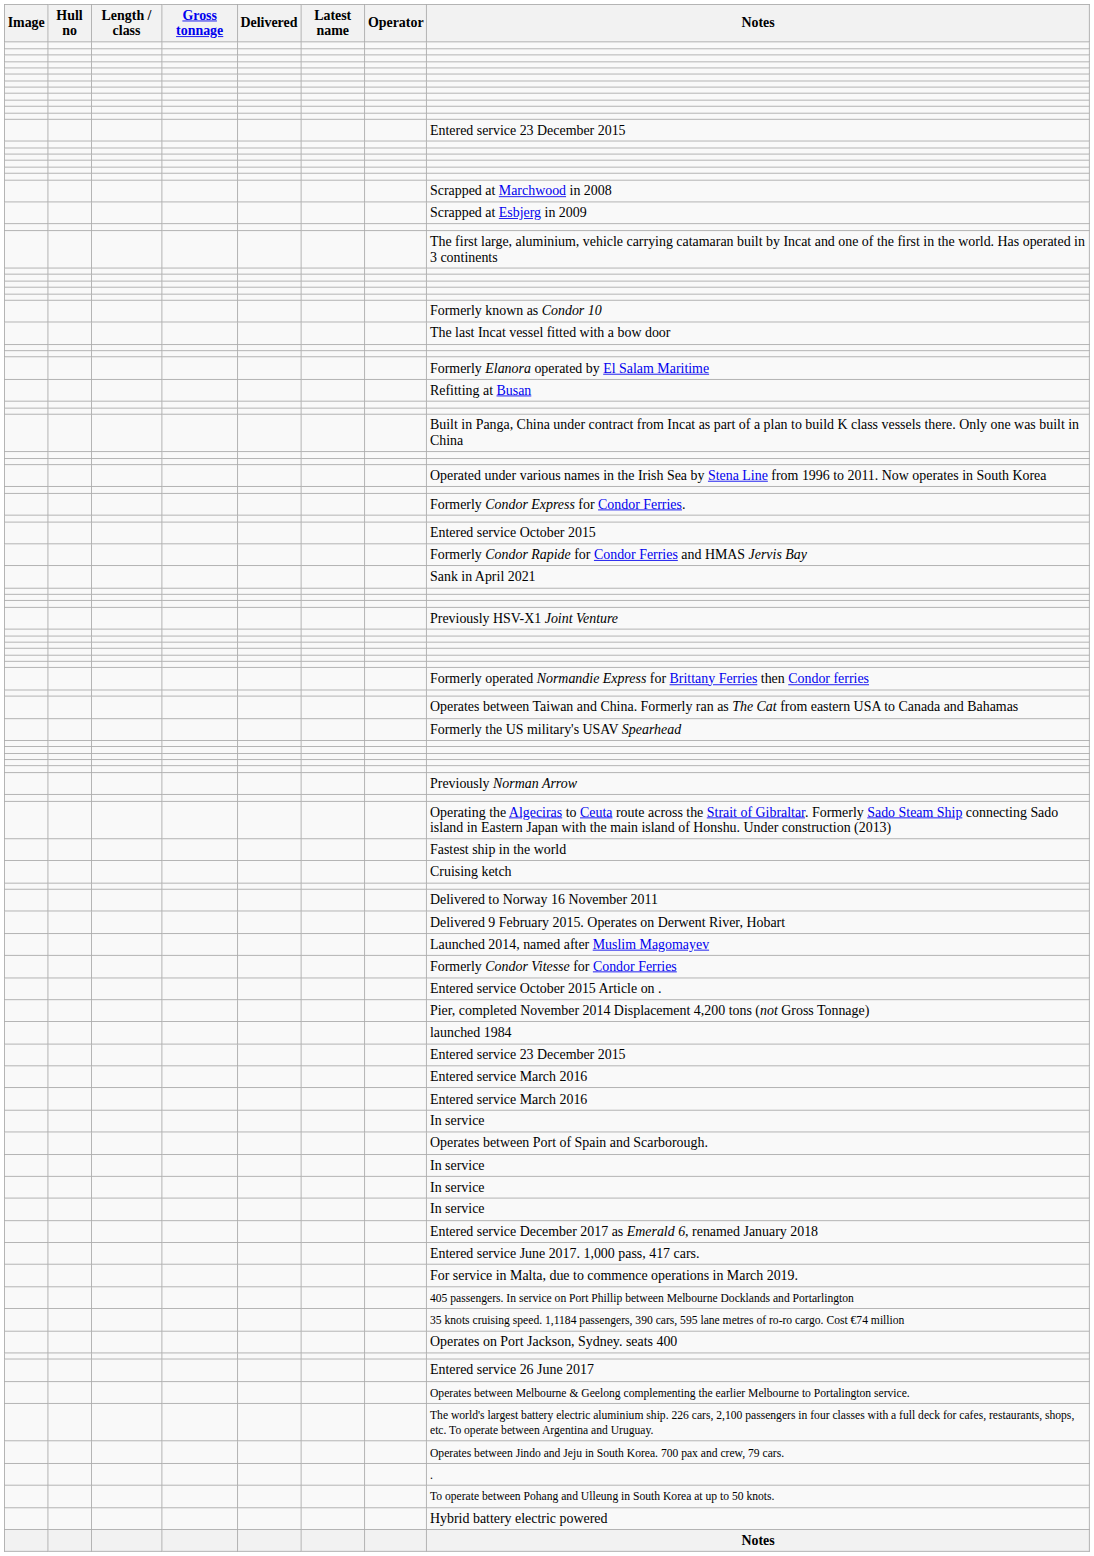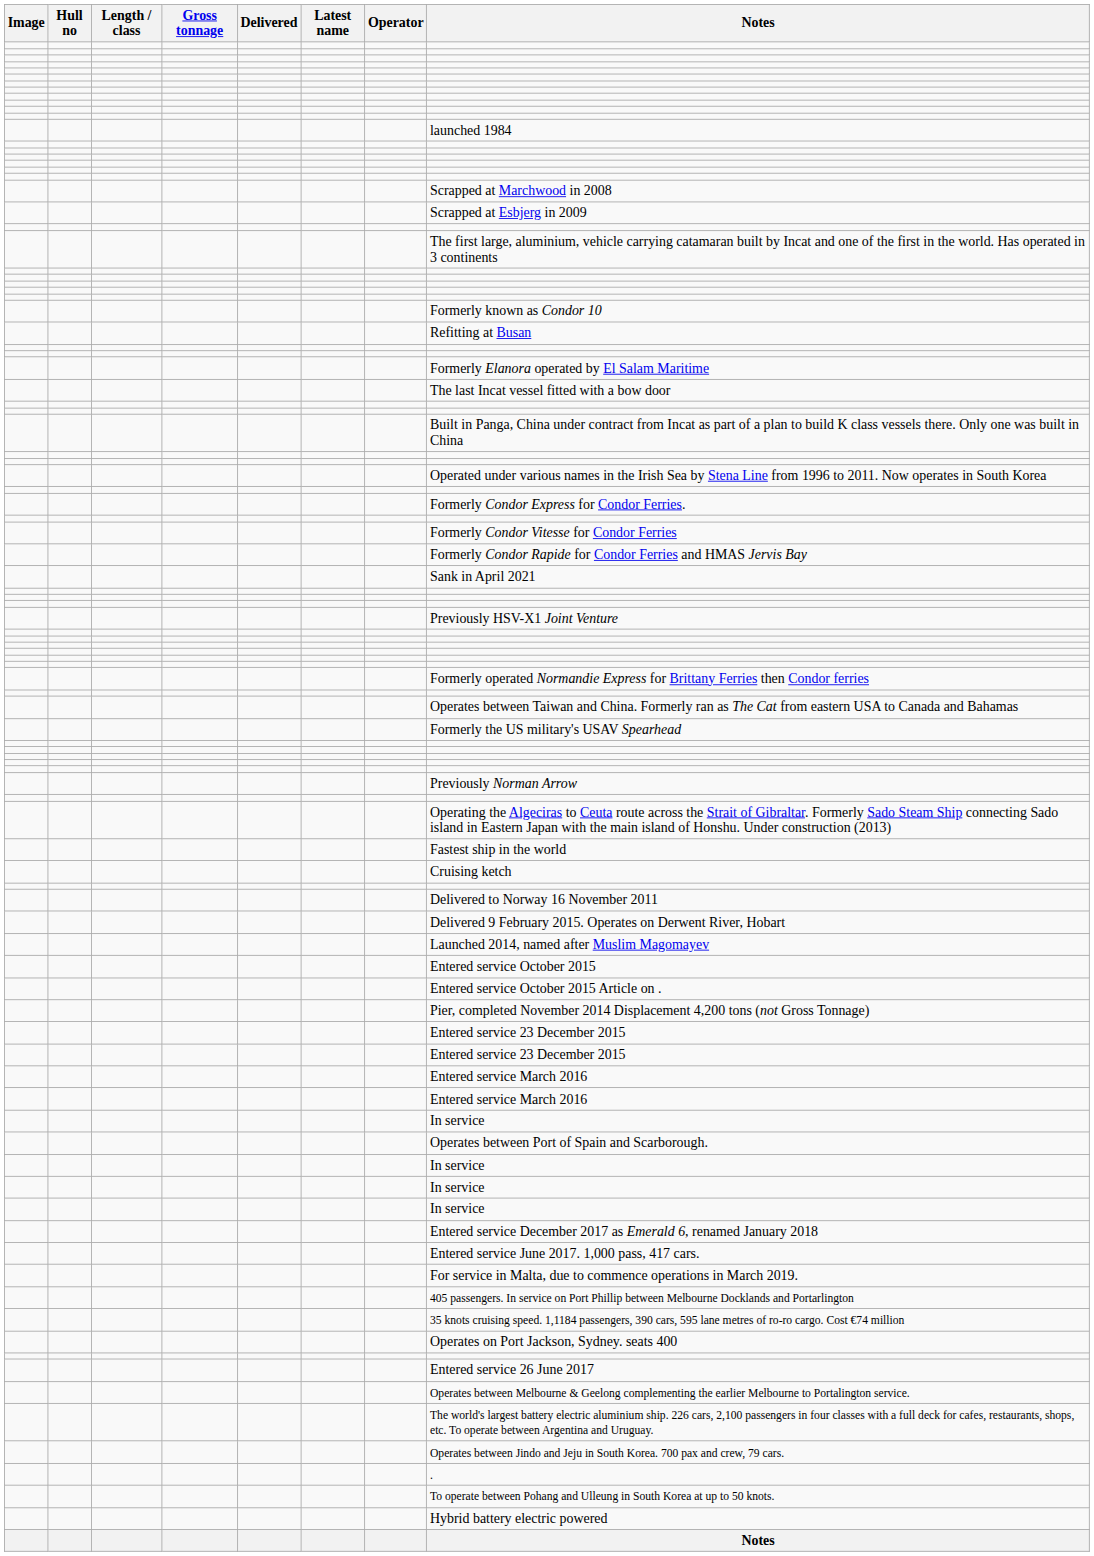 <table class="wikitable sortable">
 <tr>
 <th>Image</th>
 <th>Hull no</th>
 <th>Length / class</th>
 <th><a href='#'>Gross tonnage</a></th>
 <th>Delivered</th>
 <th>Latest name</th>
 <th>Operator</th>
 <th>Notes</th>
 </tr>
 <tr>
 <td></td>
 <td></td>
 <td></td>
 <td></td>
 <td></td>
 <td></td>
 <td></td>
 <td></td>
 </tr>
 <tr>
 <td></td>
 <td></td>
 <td></td>
 <td></td>
 <td></td>
 <td></td>
 <td></td>
 <td></td>
 </tr>
 <tr>
 <td></td>
 <td></td>
 <td></td>
 <td></td>
 <td></td>
 <td></td>
 <td></td>
 <td></td>
 </tr>
 <tr>
 <td></td>
 <td></td>
 <td></td>
 <td></td>
 <td></td>
 <td></td>
 <td></td>
 <td></td>
 </tr>
 <tr>
 <td></td>
 <td></td>
 <td></td>
 <td></td>
 <td></td>
 <td></td>
 <td></td>
 <td></td>
 </tr>
 <tr>
 <td></td>
 <td></td>
 <td></td>
 <td></td>
 <td></td>
 <td></td>
 <td></td>
 <td></td>
 </tr>
 <tr>
 <td></td>
 <td></td>
 <td></td>
 <td></td>
 <td></td>
 <td></td>
 <td></td>
 <td></td>
 </tr>
 <tr>
 <td></td>
 <td></td>
 <td></td>
 <td></td>
 <td></td>
 <td></td>
 <td></td>
 <td></td>
 </tr>
 <tr>
 <td></td>
 <td></td>
 <td></td>
 <td></td>
 <td></td>
 <td></td>
 <td></td>
 <td></td>
 </tr>
 <tr>
 <td></td>
 <td></td>
 <td></td>
 <td></td>
 <td></td>
 <td></td>
 <td></td>
 <td></td>
 </tr>
 <tr>
 <td></td>
 <td></td>
 <td></td>
 <td></td>
 <td></td>
 <td></td>
 <td></td>
 <td></td>
 </tr>
 <tr>
 <td></td>
 <td></td>
 <td></td>
 <td></td>
 <td></td>
 <td></td>
 <td></td>
 <td></td>
 </tr>
 <tr>
 <td></td>
 <td></td>
 <td></td>
 <td></td>
 <td></td>
 <td></td>
 <td></td>
-<td>Entered service 23 December 2015</td>
+<td> launched 1984</td>
 </tr>
 <tr>
 <td></td>
 <td></td>
 <td></td>
 <td></td>
 <td></td>
 <td></td>
 <td></td>
 <td></td>
 </tr>
 <tr>
 <td></td>
 <td></td>
 <td></td>
 <td></td>
 <td></td>
 <td></td>
 <td></td>
 <td></td>
 </tr>
 <tr>
 <td></td>
 <td></td>
 <td></td>
 <td></td>
 <td></td>
 <td></td>
 <td></td>
 <td></td>
 </tr>
 <tr>
 <td></td>
 <td></td>
 <td></td>
 <td></td>
 <td></td>
 <td></td>
 <td></td>
 <td></td>
 </tr>
 <tr>
 <td></td>
 <td></td>
 <td></td>
 <td></td>
 <td></td>
 <td></td>
 <td></td>
 <td></td>
 </tr>
 <tr>
 <td></td>
 <td></td>
 <td></td>
 <td></td>
 <td></td>
 <td></td>
 <td></td>
 <td></td>
 </tr>
 <tr>
 <td></td>
 <td></td>
 <td></td>
 <td></td>
 <td></td>
 <td></td>
 <td></td>
 <td>Scrapped at <a href='#'>Marchwood</a> in 2008</td>
 </tr>
 <tr>
 <td></td>
 <td></td>
 <td></td>
 <td></td>
 <td></td>
 <td></td>
 <td></td>
 <td>Scrapped at <a href='#'>Esbjerg</a> in 2009</td>
 </tr>
 <tr>
 <td></td>
 <td></td>
 <td></td>
 <td></td>
 <td></td>
 <td></td>
 <td></td>
 <td></td>
 </tr>
 <tr>
 <td></td>
 <td></td>
 <td></td>
 <td></td>
 <td></td>
 <td></td>
 <td></td>
 <td>The first large, aluminium, vehicle carrying catamaran built by Incat and one of the first in the world. Has operated in 3 continents</td>
 </tr>
 <tr>
 <td></td>
 <td></td>
 <td></td>
 <td></td>
 <td></td>
 <td></td>
 <td></td>
 <td></td>
 </tr>
 <tr>
 <td></td>
 <td></td>
 <td></td>
 <td></td>
 <td></td>
 <td></td>
 <td></td>
 <td></td>
 </tr>
 <tr>
 <td></td>
 <td></td>
 <td></td>
 <td></td>
 <td></td>
 <td></td>
 <td></td>
 <td></td>
 </tr>
 <tr>
 <td></td>
 <td></td>
 <td></td>
 <td></td>
 <td></td>
 <td></td>
 <td></td>
 </tr>
 <tr>
 <td></td>
 <td></td>
 <td></td>
 <td></td>
 <td></td>
 <td></td>
 <td></td>
 <td></td>
 </tr>
 <tr>
 <td></td>
 <td></td>
 <td></td>
 <td></td>
 <td></td>
 <td></td>
 <td></td>
 <td>Formerly known as <em>Condor 10</em></td>
 </tr>
 <tr>
 <td></td>
 <td></td>
 <td></td>
 <td></td>
 <td></td>
 <td></td>
 <td></td>
-<td>The last Incat vessel fitted with a bow door</td>
+<td>Refitting at <a href='#'>Busan</a></td>
 </tr>
 <tr>
 <td></td>
 <td></td>
 <td></td>
 <td></td>
 <td></td>
 <td></td>
 <td></td>
 <td></td>
 </tr>
 <tr>
 <td></td>
 <td></td>
 <td></td>
 <td></td>
 <td></td>
 <td></td>
 <td></td>
 <td></td>
 </tr>
 <tr>
 <td></td>
 <td></td>
 <td></td>
 <td></td>
 <td></td>
 <td></td>
 <td></td>
 <td>Formerly <em>Elanora</em> operated by <a href='#'>El Salam Maritime</a></td>
 </tr>
 <tr>
 <td></td>
 <td></td>
 <td></td>
 <td></td>
 <td></td>
 <td></td>
 <td></td>
-<td>Refitting at <a href='#'>Busan</a></td>
+<td>The last Incat vessel fitted with a bow door</td>
 </tr>
 <tr>
 <td></td>
 <td></td>
 <td></td>
 <td></td>
 <td></td>
 <td></td>
 <td></td>
 <td></td>
 </tr>
 <tr>
 <td></td>
 <td></td>
 <td></td>
 <td></td>
 <td></td>
 <td></td>
 <td></td>
 <td></td>
 </tr>
 <tr>
 <td></td>
 <td></td>
 <td></td>
 <td></td>
 <td></td>
 <td></td>
 <td></td>
 <td>Built in Panga, China under contract from Incat as part of a plan to build K class vessels there. Only one was built in China</td>
 </tr>
 <tr>
 <td></td>
 <td></td>
 <td></td>
 <td></td>
 <td></td>
 <td></td>
 <td></td>
 <td></td>
 </tr>
 <tr>
 <td></td>
 <td></td>
 <td></td>
 <td></td>
 <td></td>
 <td></td>
 <td></td>
 <td></td>
 </tr>
 <tr>
 <td></td>
 <td></td>
 <td></td>
 <td></td>
 <td></td>
 <td></td>
 <td></td>
 <td>Operated under various names in the Irish Sea by <a href='#'>Stena Line</a> from 1996 to 2011. Now operates in South Korea</td>
 </tr>
 <tr>
 <td></td>
 <td></td>
 <td></td>
 <td></td>
 <td></td>
 <td></td>
 <td></td>
 <td></td>
 </tr>
 <tr>
 <td></td>
 <td></td>
 <td></td>
 <td></td>
 <td></td>
 <td></td>
 <td></td>
 <td>Formerly <em>Condor Express</em> for <a href='#'>Condor Ferries</a>.</td>
 </tr>
 <tr>
 <td></td>
 <td></td>
 <td></td>
 <td></td>
 <td></td>
 <td></td>
 <td></td>
 <td></td>
 </tr>
 <tr>
 <td></td>
 <td></td>
 <td></td>
 <td></td>
 <td></td>
 <td></td>
 <td></td>
-<td>Entered service October 2015</td>
+<td>Formerly <em>Condor Vitesse</em> for <a href='#'>Condor Ferries</a></td>
 </tr>
 <tr>
 <td></td>
 <td></td>
 <td></td>
 <td></td>
 <td></td>
 <td></td>
 <td></td>
 <td>Formerly <em>Condor Rapide</em> for <a href='#'>Condor Ferries</a> and HMAS <em>Jervis Bay</em></td>
 </tr>
 <tr>
 <td></td>
 <td></td>
 <td></td>
 <td></td>
 <td></td>
 <td></td>
 <td></td>
 <td>Sank in April 2021</td>
 </tr>
 <tr>
 <td></td>
 <td></td>
 <td></td>
 <td></td>
 <td></td>
 <td></td>
 <td></td>
 <td></td>
 </tr>
 <tr>
 <td></td>
 <td></td>
 <td></td>
 <td></td>
 <td></td>
 <td></td>
 <td></td>
 <td></td>
 </tr>
 <tr>
 <td></td>
 <td></td>
 <td></td>
 <td></td>
 <td></td>
 <td></td>
 <td></td>
 <td></td>
 </tr>
 <tr>
 <td></td>
 <td></td>
 <td></td>
 <td></td>
 <td></td>
 <td></td>
 <td></td>
 <td>Previously HSV-X1 <em>Joint Venture</em></td>
 </tr>
 <tr>
 <td></td>
 <td></td>
 <td></td>
 <td></td>
 <td></td>
 <td></td>
 <td></td>
 <td></td>
 </tr>
 <tr>
 <td></td>
 <td></td>
 <td></td>
 <td></td>
 <td></td>
 <td></td>
 <td></td>
 <td></td>
 </tr>
 <tr>
 <td></td>
 <td></td>
 <td></td>
 <td></td>
 <td></td>
 <td></td>
 <td></td>
 <td></td>
 </tr>
 <tr>
 <td></td>
 <td></td>
 <td></td>
 <td></td>
 <td></td>
 <td></td>
 <td></td>
 <td></td>
 </tr>
 <tr>
 <td></td>
 <td></td>
 <td></td>
 <td></td>
 <td></td>
 <td></td>
 <td></td>
 <td></td>
 </tr>
 <tr>
 <td></td>
 <td></td>
 <td></td>
 <td></td>
 <td></td>
 <td></td>
 <td></td>
 <td></td>
 </tr>
 <tr>
 <td></td>
 <td></td>
 <td></td>
 <td></td>
 <td></td>
 <td></td>
 <td></td>
 <td>Formerly operated <em>Normandie Express</em> for <a href='#'>Brittany Ferries</a> then <a href='#'>Condor ferries</a></td>
 </tr>
 <tr>
 <td></td>
 <td></td>
 <td></td>
 <td></td>
 <td></td>
 <td></td>
 <td></td>
 <td></td>
 </tr>
 <tr>
 <td></td>
 <td></td>
 <td></td>
 <td></td>
 <td></td>
 <td></td>
 <td></td>
 <td>Operates between Taiwan and China. Formerly ran as <em>The Cat</em> from eastern USA to Canada and Bahamas</td>
 </tr>
 <tr>
 <td></td>
 <td></td>
 <td></td>
 <td></td>
 <td></td>
 <td></td>
 <td></td>
 <td>Formerly the US military's USAV <em>Spearhead</em></td>
 </tr>
 <tr>
 <td></td>
 <td></td>
 <td></td>
 <td></td>
 <td></td>
 <td></td>
 <td></td>
 <td></td>
 </tr>
 <tr>
 <td></td>
 <td></td>
 <td></td>
 <td></td>
 <td></td>
 <td></td>
 <td></td>
 <td></td>
 </tr>
 <tr>
 <td></td>
 <td></td>
 <td></td>
 <td></td>
 <td></td>
 <td></td>
 <td></td>
 <td></td>
 </tr>
 <tr>
 <td></td>
 <td></td>
 <td></td>
 <td></td>
 <td></td>
 <td></td>
 <td></td>
 <td></td>
 </tr>
 <tr>
 <td></td>
 <td></td>
 <td></td>
 <td></td>
 <td></td>
 <td></td>
 <td></td>
 <td></td>
 </tr>
 <tr>
 <td></td>
 <td></td>
 <td></td>
 <td></td>
 <td></td>
 <td></td>
 <td></td>
 <td>Previously <em>Norman Arrow</em></td>
 </tr>
 <tr>
 <td></td>
 <td></td>
 <td></td>
 <td></td>
 <td></td>
 <td></td>
 <td></td>
 <td></td>
 </tr>
 <tr>
 <td></td>
 <td></td>
 <td></td>
 <td></td>
 <td></td>
 <td></td>
 <td></td>
 <td>Operating the <a href='#'>Algeciras</a> to <a href='#'>Ceuta</a> route across the <a href='#'>Strait of Gibraltar</a>. Formerly <a href='#'>Sado Steam Ship</a> connecting Sado island in Eastern Japan with the main island of Honshu. Under construction (2013)</td>
 </tr>
 <tr>
 <td></td>
 <td></td>
 <td></td>
 <td></td>
 <td></td>
 <td></td>
 <td></td>
 <td>Fastest ship in the world</td>
 </tr>
 <tr>
 <td></td>
 <td></td>
 <td></td>
 <td></td>
 <td></td>
 <td></td>
 <td></td>
 <td>Cruising ketch</td>
 </tr>
 <tr>
 <td></td>
 <td></td>
 <td></td>
 <td></td>
 <td></td>
 <td></td>
 <td></td>
 <td></td>
 </tr>
 <tr>
 <td></td>
 <td></td>
 <td></td>
 <td></td>
 <td></td>
 <td></td>
 <td></td>
 <td>Delivered to Norway 16 November 2011</td>
 </tr>
 <tr>
 <td></td>
 <td></td>
 <td></td>
 <td></td>
 <td></td>
 <td></td>
 <td></td>
 <td>Delivered 9 February 2015. Operates on Derwent River, Hobart</td>
 </tr>
 <tr>
 <td></td>
 <td></td>
 <td></td>
 <td></td>
 <td></td>
 <td></td>
 <td></td>
 <td>Launched 2014, named after <a href='#'>Muslim Magomayev</a></td>
 </tr>
 <tr>
 <td></td>
 <td></td>
 <td></td>
 <td></td>
 <td></td>
 <td></td>
 <td></td>
-<td>Formerly <em>Condor Vitesse</em> for <a href='#'>Condor Ferries</a></td>
+<td>Entered service October 2015</td>
 </tr>
 <tr>
 <td></td>
 <td></td>
 <td></td>
 <td></td>
 <td></td>
 <td></td>
 <td></td>
 <td>Entered service October 2015 Article on .</td>
 </tr>
 <tr>
 <td></td>
 <td></td>
 <td></td>
 <td></td>
 <td></td>
 <td></td>
 <td></td>
 <td>Pier, completed November 2014 Displacement 4,200 tons (<em>not</em> Gross Tonnage)</td>
 </tr>
 <tr>
 <td></td>
 <td></td>
 <td></td>
 <td></td>
 <td></td>
 <td></td>
 <td></td>
-<td> launched 1984</td>
+<td>Entered service 23 December 2015</td>
 </tr>
 <tr>
 <td></td>
 <td></td>
 <td></td>
 <td></td>
 <td></td>
 <td></td>
 <td></td>
 <td>Entered service 23 December 2015</td>
 </tr>
 <tr>
 <td></td>
 <td></td>
 <td></td>
 <td></td>
 <td></td>
 <td></td>
 <td></td>
 <td>Entered service March 2016</td>
 </tr>
 <tr>
 <td></td>
 <td></td>
 <td></td>
 <td></td>
 <td></td>
 <td></td>
 <td></td>
 <td>Entered service March 2016</td>
 </tr>
 <tr>
 <td></td>
 <td></td>
 <td></td>
 <td></td>
 <td></td>
 <td></td>
 <td></td>
 <td>In service</td>
 </tr>
 <tr>
 <td></td>
 <td></td>
 <td></td>
 <td></td>
 <td></td>
 <td></td>
 <td></td>
 <td>Operates between Port of Spain and Scarborough.</td>
 </tr>
 <tr>
 <td></td>
 <td></td>
 <td></td>
 <td></td>
 <td></td>
 <td></td>
 <td></td>
 <td>In service</td>
 </tr>
 <tr>
 <td></td>
 <td></td>
 <td></td>
 <td></td>
 <td></td>
 <td></td>
 <td></td>
 <td>In service</td>
 </tr>
 <tr>
 <td></td>
 <td></td>
 <td></td>
 <td></td>
 <td></td>
 <td></td>
 <td></td>
 <td>In service</td>
 </tr>
 <tr>
 <td></td>
 <td></td>
 <td></td>
 <td></td>
 <td></td>
 <td></td>
 <td></td>
 <td>Entered service December 2017 as <em>Emerald 6</em>, renamed January 2018</td>
 </tr>
 <tr>
 <td></td>
 <td></td>
 <td></td>
 <td></td>
 <td></td>
 <td></td>
 <td></td>
 <td>Entered service June 2017. 1,000 pass, 417 cars.</td>
 </tr>
 <tr>
 <td></td>
 <td></td>
 <td></td>
 <td></td>
 <td></td>
 <td></td>
 <td></td>
 <td>For service in Malta, due to commence operations in March 2019.</td>
 </tr>
 <tr>
 <td></td>
 <td></td>
 <td></td>
 <td></td>
 <td></td>
 <td></td>
 <td></td>
 <td><small> 405 passengers. In service on Port Phillip between Melbourne Docklands and Portarlington</small></td>
 </tr>
 <tr>
 <td></td>
 <td></td>
 <td></td>
 <td></td>
 <td></td>
 <td></td>
 <td></td>
 <td><small>35 knots cruising speed. 1,1184 passengers, 390 cars, 595 lane metres of ro-ro cargo. Cost €74 million</small></td>
 </tr>
 <tr>
 <td></td>
 <td></td>
 <td></td>
 <td></td>
 <td></td>
 <td></td>
 <td></td>
 <td>Operates on Port Jackson, Sydney. seats 400</td>
 </tr>
 <tr>
 <td></td>
 <td></td>
 <td></td>
 <td></td>
 <td></td>
 <td></td>
 <td></td>
 <td></td>
 </tr>
 <tr>
 <td></td>
 <td></td>
 <td></td>
 <td></td>
 <td></td>
 <td></td>
 <td></td>
 <td>Entered service 26 June 2017</td>
 </tr>
 <tr>
 <td></td>
 <td></td>
 <td></td>
 <td></td>
 <td></td>
 <td></td>
 <td></td>
 <td><small>Operates between Melbourne & Geelong complementing the earlier Melbourne to Portalington service. </small></td>
 </tr>
 <tr>
 <td></td>
 <td></td>
 <td></td>
 <td></td>
 <td></td>
 <td></td>
 <td></td>
 <td><small>The world's largest battery electric aluminium ship. 226 cars, 2,100 passengers in four classes with a full deck for cafes, restaurants, shops, etc. To operate between Argentina and Uruguay.</small></td>
 </tr>
 <tr>
 <td></td>
 <td></td>
 <td></td>
 <td></td>
 <td></td>
 <td></td>
 <td></td>
 <td><small>Operates between Jindo and Jeju in South Korea. 700 pax and crew, 79 cars. </small></td>
 </tr>
 <tr>
 <td></td>
 <td></td>
 <td></td>
 <td></td>
 <td></td>
 <td></td>
 <td></td>
 <td><small>.</small></td>
 </tr>
 <tr>
 <td></td>
 <td></td>
 <td></td>
 <td></td>
 <td></td>
 <td></td>
 <td></td>
 <td><small>To operate between Pohang and Ulleung in South Korea at up to 50 knots. </small></td>
 </tr>
 <tr>
 <td></td>
 <td></td>
 <td></td>
 <td></td>
 <td></td>
 <td></td>
 <td></td>
 <td>Hybrid battery electric powered</td>
 </tr>
 <tr>
 <th></th>
 <th></th>
 <th></th>
 <th></th>
 <th></th>
 <th></th>
 <th></th>
 <th>Notes</th>
 </tr>
 </table>
